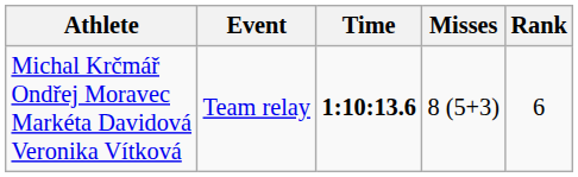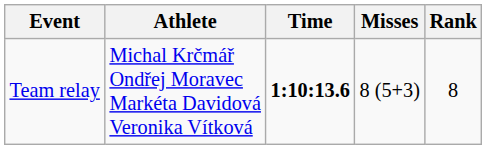 <table class=wikitable style=font-size:90%>
 <tr>
+<th>Event</th>
 <th>Athlete</th>
-<th>Event</th>
 <th>Time</th>
 <th>Misses</th>
 <th>Rank</th>
 </tr>
 <tr align=center>
+<td align=left><a href='#'>Team relay</a></td>
 <td align=left><a href='#'>Michal Krčmář</a><br><a href='#'>Ondřej Moravec</a><br><a href='#'>Markéta Davidová</a><br><a href='#'>Veronika Vítková</a></td>
-<td align=left><a href='#'>Team relay</a></td>
 <td><strong>1:10:13.6</strong></td>
 <td>8 (5+3)</td>
-<td>6</td>
+<td>8</td>
 </tr>
 </table>
